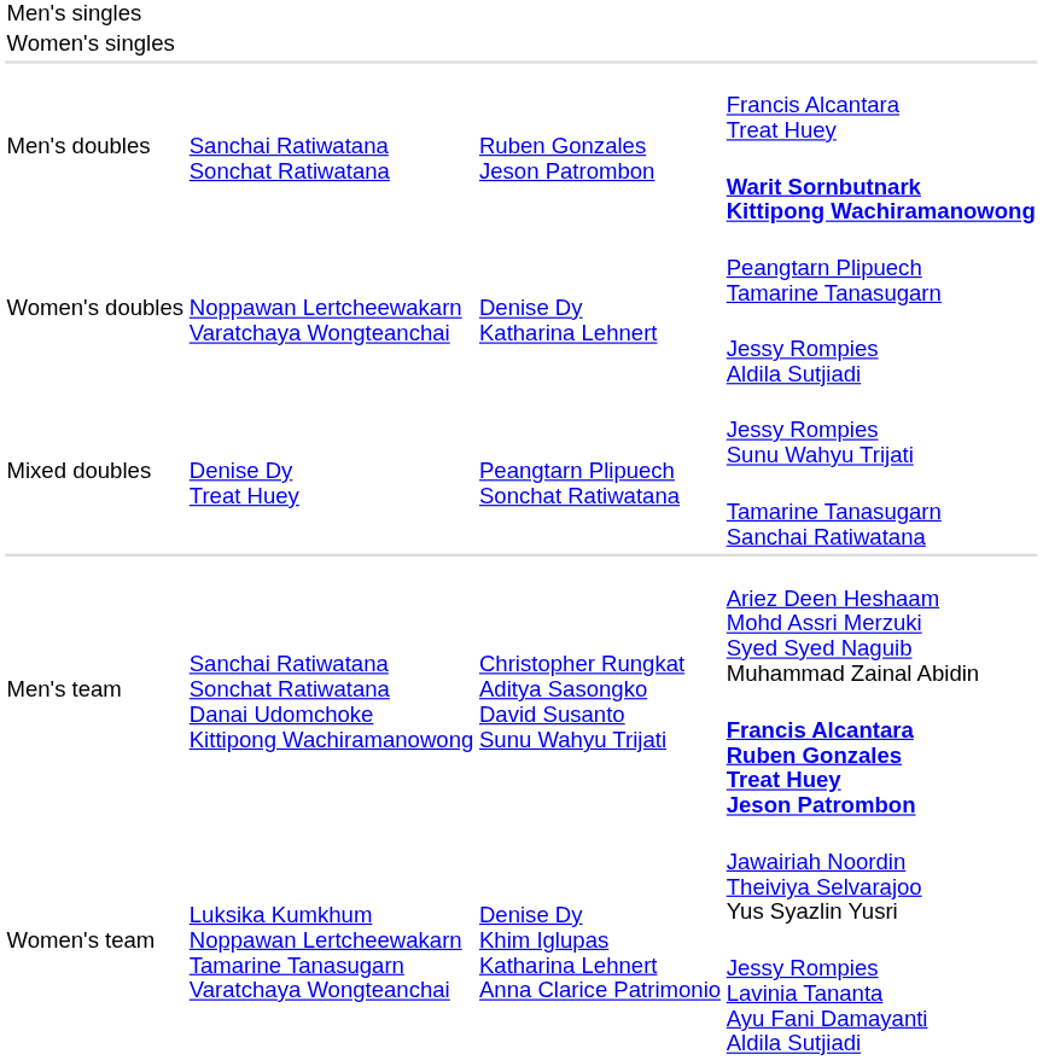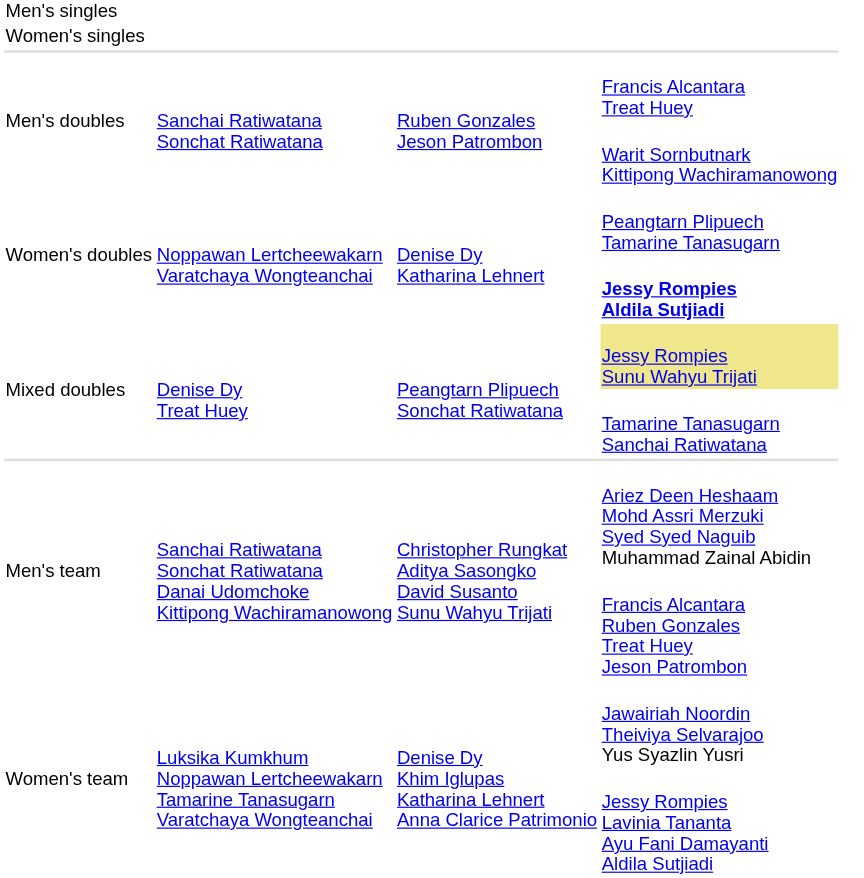 <table>
 <tr>
 <td rowspan=2>Men's singles<br></td>
 <td rowspan=2></td>
 <td rowspan=2></td>
 <td></td>
 </tr>
 <tr>
 <td></td>
 </tr>
 <tr>
 <td rowspan=2>Women's singles<br></td>
 <td rowspan=2></td>
 <td rowspan=2 nowrap></td>
 <td></td>
 </tr>
 <tr>
 <td></td>
 </tr>
 <tr bgcolor=#dddddd>
 <td colspan=4></td>
 </tr>
 <tr>
 <td rowspan=2>Men's doubles<br></td>
 <td rowspan=2> <br> <a href='#'>Sanchai Ratiwatana</a> <br> <a href='#'>Sonchat Ratiwatana</a></td>
 <td rowspan=2> <br> <a href='#'>Ruben Gonzales</a> <br> <a href='#'>Jeson Patrombon</a></td>
 <td> <br> <a href='#'>Francis Alcantara</a> <br> <a href='#'>Treat Huey</a></td>
 </tr>
 <tr>
-<td nowrap><strong> <br> <a href='#'>Warit Sornbutnark</a> <br> <a href='#'>Kittipong Wachiramanowong</a></strong></td>
+<td nowrap> <br> <a href='#'>Warit Sornbutnark</a> <br> <a href='#'>Kittipong Wachiramanowong</a></td>
 </tr>
 <tr>
 <td rowspan=2>Women's doubles<br></td>
 <td rowspan=2> <br> <a href='#'>Noppawan Lertcheewakarn</a> <br> <a href='#'>Varatchaya Wongteanchai</a></td>
 <td rowspan=2> <br> <a href='#'>Denise Dy</a> <br> <a href='#'>Katharina Lehnert</a></td>
 <td> <br> <a href='#'>Peangtarn Plipuech</a> <br> <a href='#'>Tamarine Tanasugarn</a></td>
 </tr>
 <tr>
-<td> <br> <a href='#'>Jessy Rompies</a> <br> <a href='#'>Aldila Sutjiadi</a></td>
+<td><strong> <br> <a href='#'>Jessy Rompies</a> <br> <a href='#'>Aldila Sutjiadi</a></strong></td>
 </tr>
 <tr>
 <td rowspan=2>Mixed doubles<br></td>
 <td rowspan=2> <br> <a href='#'>Denise Dy</a> <br> <a href='#'>Treat Huey</a></td>
 <td rowspan=2> <br> <a href='#'>Peangtarn Plipuech</a> <br> <a href='#'>Sonchat Ratiwatana</a></td>
-<td> <br> <a href='#'>Jessy Rompies</a> <br> <a href='#'>Sunu Wahyu Trijati</a></td>
+<td style="background: khaki;"> <br> <a href='#'>Jessy Rompies</a> <br> <a href='#'>Sunu Wahyu Trijati</a></td>
 </tr>
 <tr>
 <td> <br> <a href='#'>Tamarine Tanasugarn</a> <br> <a href='#'>Sanchai Ratiwatana</a></td>
 </tr>
 <tr bgcolor=#dddddd>
 <td colspan=4></td>
 </tr>
 <tr>
 <td rowspan=2>Men's team<br></td>
 <td rowspan=2 nowrap> <br> <a href='#'>Sanchai Ratiwatana</a> <br> <a href='#'>Sonchat Ratiwatana</a> <br> <a href='#'>Danai Udomchoke</a> <br> <a href='#'>Kittipong Wachiramanowong</a></td>
 <td rowspan=2> <br> <a href='#'>Christopher Rungkat</a> <br> <a href='#'>Aditya Sasongko</a> <br> <a href='#'>David Susanto</a> <br> <a href='#'>Sunu Wahyu Trijati</a></td>
 <td> <br> <a href='#'>Ariez Deen Heshaam</a> <br> <a href='#'>Mohd Assri Merzuki</a> <br> <a href='#'>Syed Syed Naguib</a> <br> Muhammad Zainal Abidin</td>
 </tr>
 <tr>
-<td><strong> <br> <a href='#'>Francis Alcantara</a> <br> <a href='#'>Ruben Gonzales</a> <br> <a href='#'>Treat Huey</a> <br> <a href='#'>Jeson Patrombon</a></strong></td>
+<td> <br> <a href='#'>Francis Alcantara</a> <br> <a href='#'>Ruben Gonzales</a> <br> <a href='#'>Treat Huey</a> <br> <a href='#'>Jeson Patrombon</a></td>
 </tr>
 <tr>
 <td rowspan=2>Women's team<br></td>
 <td rowspan=2> <br> <a href='#'>Luksika Kumkhum</a> <br> <a href='#'>Noppawan Lertcheewakarn</a> <br> <a href='#'>Tamarine Tanasugarn</a> <br> <a href='#'>Varatchaya Wongteanchai</a></td>
 <td rowspan=2> <br> <a href='#'>Denise Dy</a> <br> <a href='#'>Khim Iglupas</a> <br> <a href='#'>Katharina Lehnert</a> <br> <a href='#'>Anna Clarice Patrimonio</a></td>
 <td> <br> <a href='#'>Jawairiah Noordin</a> <br> <a href='#'>Theiviya Selvarajoo</a> <br> Yus Syazlin Yusri</td>
 </tr>
 <tr>
 <td> <br> <a href='#'>Jessy Rompies</a> <br> <a href='#'>Lavinia Tananta</a> <br> <a href='#'>Ayu Fani Damayanti</a> <br> <a href='#'>Aldila Sutjiadi</a></td>
 </tr>
 </table>
